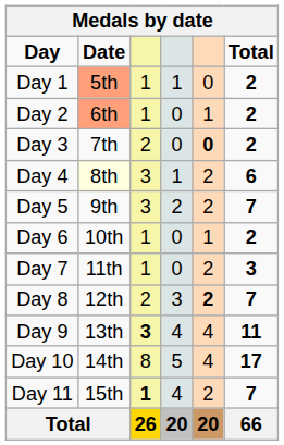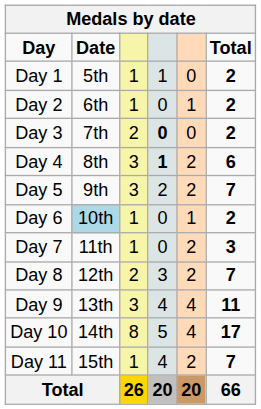 <table class="wikitable" style="font-size:85%;float:right;text-align:center">
 <tr style="background:#efefef;">
 <th colspan=7>Medals by date</th>
 </tr>
 <tr>
 <td><strong>Day</strong></td>
 <td><strong>Date</strong></td>
 <td style="background:#F7F6A8;"></td>
 <td style="background:#DCE5E5;"></td>
 <td style="background:#FFDAB9;"></td>
 <td><strong>Total</strong></td>
 </tr>
 <tr>
 <td>Day 1</td>
-<td style="background: lightsalmon;">5th</td>
+<td>5th</td>
 <td style="background:#F7F6A8;">1</td>
 <td style="background:#DCE5E5;">1</td>
 <td style="background:#FFDAB9;">0</td>
 <td><strong>2</strong></td>
 </tr>
 <tr>
 <td>Day 2</td>
-<td style="background: lightsalmon;">6th</td>
+<td>6th</td>
 <td style="background:#F7F6A8;">1</td>
 <td style="background:#DCE5E5;">0</td>
 <td style="background:#FFDAB9;">1</td>
 <td><strong>2</strong></td>
 </tr>
 <tr>
 <td>Day 3</td>
 <td>7th</td>
 <td style="background:#F7F6A8;">2</td>
-<td style="background:#DCE5E5;">0</td>
-<td style="background:#FFDAB9;"><strong>0</strong></td>
+<td style="background:#DCE5E5;"><strong>0</strong></td>
+<td style="background:#FFDAB9;">0</td>
 <td><strong>2</strong></td>
 </tr>
 <tr>
 <td>Day 4</td>
-<td style="background: lightyellow;">8th</td>
+<td>8th</td>
 <td style="background:#F7F6A8;">3</td>
-<td style="background:#DCE5E5;">1</td>
+<td style="background:#DCE5E5;"><strong>1</strong></td>
 <td style="background:#FFDAB9;">2</td>
 <td><strong>6</strong></td>
 </tr>
 <tr>
 <td>Day 5</td>
 <td>9th</td>
 <td style="background:#F7F6A8;">3</td>
 <td style="background:#DCE5E5;">2</td>
 <td style="background:#FFDAB9;">2</td>
 <td><strong>7</strong></td>
 </tr>
 <tr>
 <td>Day 6</td>
-<td>10th</td>
+<td style="background: lightblue;">10th</td>
 <td style="background:#F7F6A8;">1</td>
 <td style="background:#DCE5E5;">0</td>
 <td style="background:#FFDAB9;">1</td>
 <td><strong>2</strong></td>
 </tr>
 <tr>
 <td>Day 7</td>
 <td>11th</td>
 <td style="background:#F7F6A8;">1</td>
 <td style="background:#DCE5E5;">0</td>
 <td style="background:#FFDAB9;">2</td>
 <td><strong>3</strong></td>
 </tr>
 <tr>
 <td>Day 8</td>
 <td>12th</td>
 <td style="background:#F7F6A8;">2</td>
 <td style="background:#DCE5E5;">3</td>
-<td style="background:#FFDAB9;"><strong>2</strong></td>
+<td style="background:#FFDAB9;">2</td>
 <td><strong>7</strong></td>
 </tr>
 <tr>
 <td>Day 9</td>
 <td>13th</td>
-<td style="background:#F7F6A8;"><strong>3</strong></td>
+<td style="background:#F7F6A8;">3</td>
 <td style="background:#DCE5E5;">4</td>
 <td style="background:#FFDAB9;">4</td>
 <td><strong>11</strong></td>
 </tr>
 <tr>
 <td>Day 10</td>
 <td>14th</td>
 <td style="background:#F7F6A8;">8</td>
 <td style="background:#DCE5E5;">5</td>
 <td style="background:#FFDAB9;">4</td>
 <td><strong>17</strong></td>
 </tr>
 <tr>
 <td>Day 11</td>
 <td>15th</td>
-<td style="background:#F7F6A8;"><strong>1</strong></td>
+<td style="background:#F7F6A8;">1</td>
 <td style="background:#DCE5E5;">4</td>
 <td style="background:#FFDAB9;">2</td>
 <td><strong>7</strong></td>
 </tr>
 <tr>
 <th colspan="2">Total</th>
 <th style="background:gold;">26</th>
 <th style="background:silver;">20</th>
 <th style="background:#c96;">20</th>
 <th>66</th>
 </tr>
 </table>
